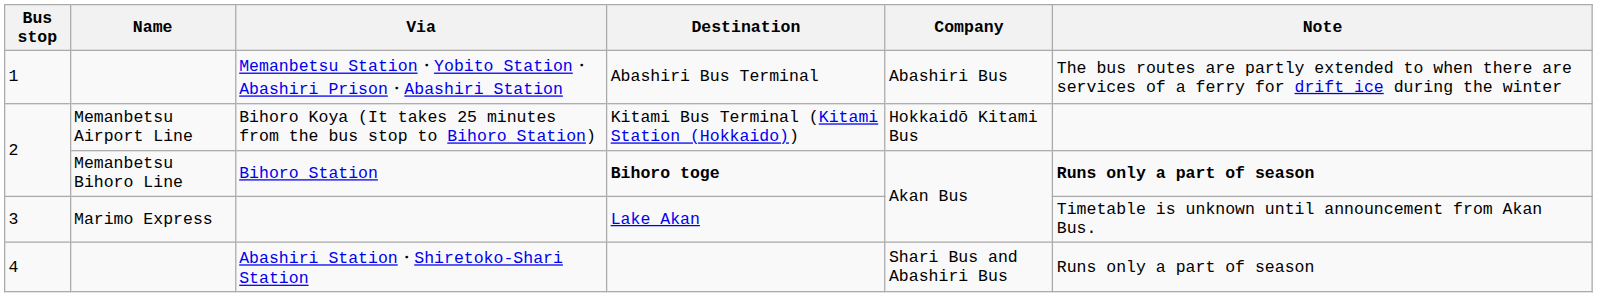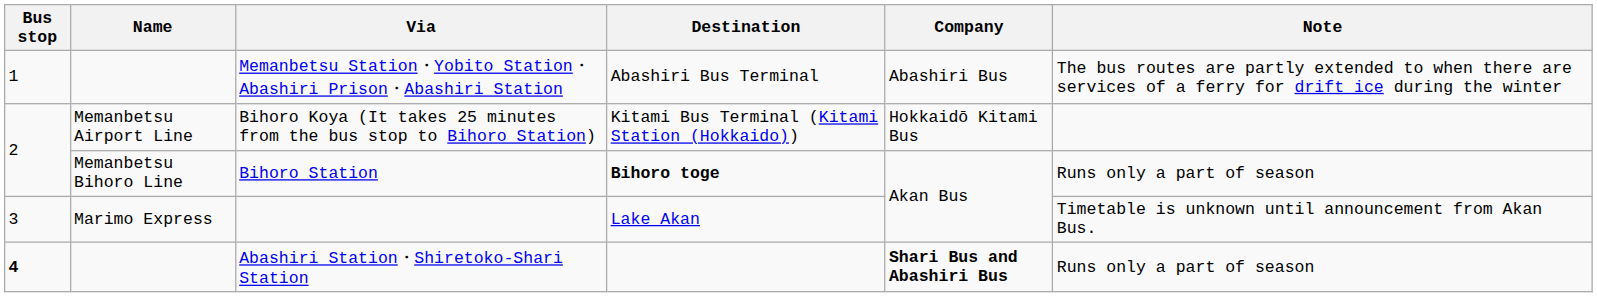 <table class="wikitable">
 <tr>
 <th>Bus stop</th>
 <th>Name</th>
 <th>Via</th>
 <th>Destination</th>
 <th>Company</th>
 <th>Note</th>
 </tr>
 <tr>
 <td>1</td>
 <td></td>
 <td><a href='#'>Memanbetsu Station</a>・<a href='#'>Yobito Station</a>・<a href='#'>Abashiri Prison</a>・<a href='#'>Abashiri Station</a></td>
 <td>Abashiri Bus Terminal</td>
 <td>Abashiri Bus</td>
 <td>The bus routes are partly extended to  when there are services of a ferry for <a href='#'>drift ice</a> during the winter</td>
 </tr>
 <tr>
 <td rowspan="2">2</td>
 <td>Memanbetsu Airport Line</td>
 <td>Bihoro Koya (It takes 25 minutes from the bus stop to <a href='#'>Bihoro Station</a>)</td>
 <td>Kitami Bus Terminal (<a href='#'>Kitami Station (Hokkaido)</a>)</td>
 <td>Hokkaidō Kitami Bus</td>
 <td></td>
 </tr>
 <tr>
 <td>Memanbetsu Bihoro Line</td>
 <td><a href='#'>Bihoro Station</a></td>
 <td><strong>Bihoro toge</strong></td>
 <td rowspan="2">Akan Bus</td>
-<td><strong>Runs only a part of season</strong></td>
+<td>Runs only a part of season</td>
 </tr>
 <tr>
 <td>3</td>
 <td>Marimo Express</td>
 <td></td>
 <td><a href='#'>Lake Akan</a></td>
 <td>Timetable is unknown until announcement from Akan Bus.</td>
 </tr>
 <tr>
-<td>4</td>
+<td><strong>4</strong></td>
 <td></td>
 <td><a href='#'>Abashiri Station</a>・<a href='#'>Shiretoko-Shari Station</a></td>
 <td></td>
-<td>Shari Bus and Abashiri Bus</td>
+<td><strong>Shari Bus and Abashiri Bus</strong></td>
 <td>Runs only a part of season</td>
 </tr>
 </table>
